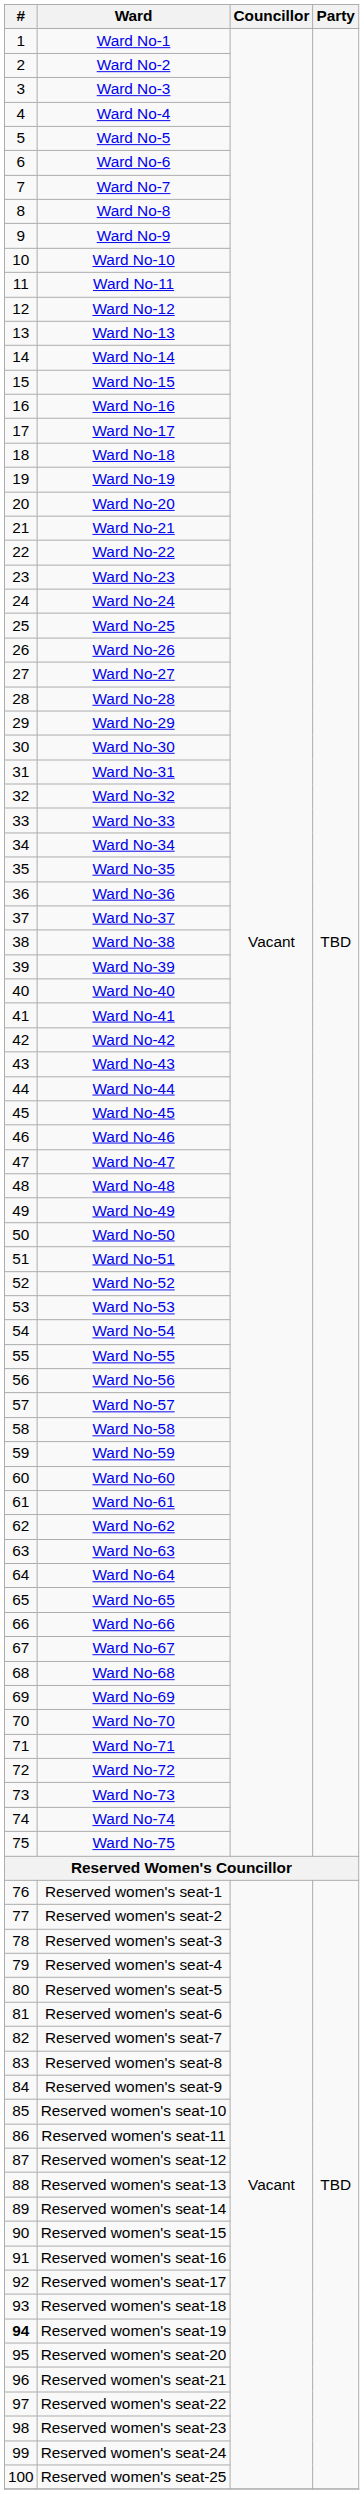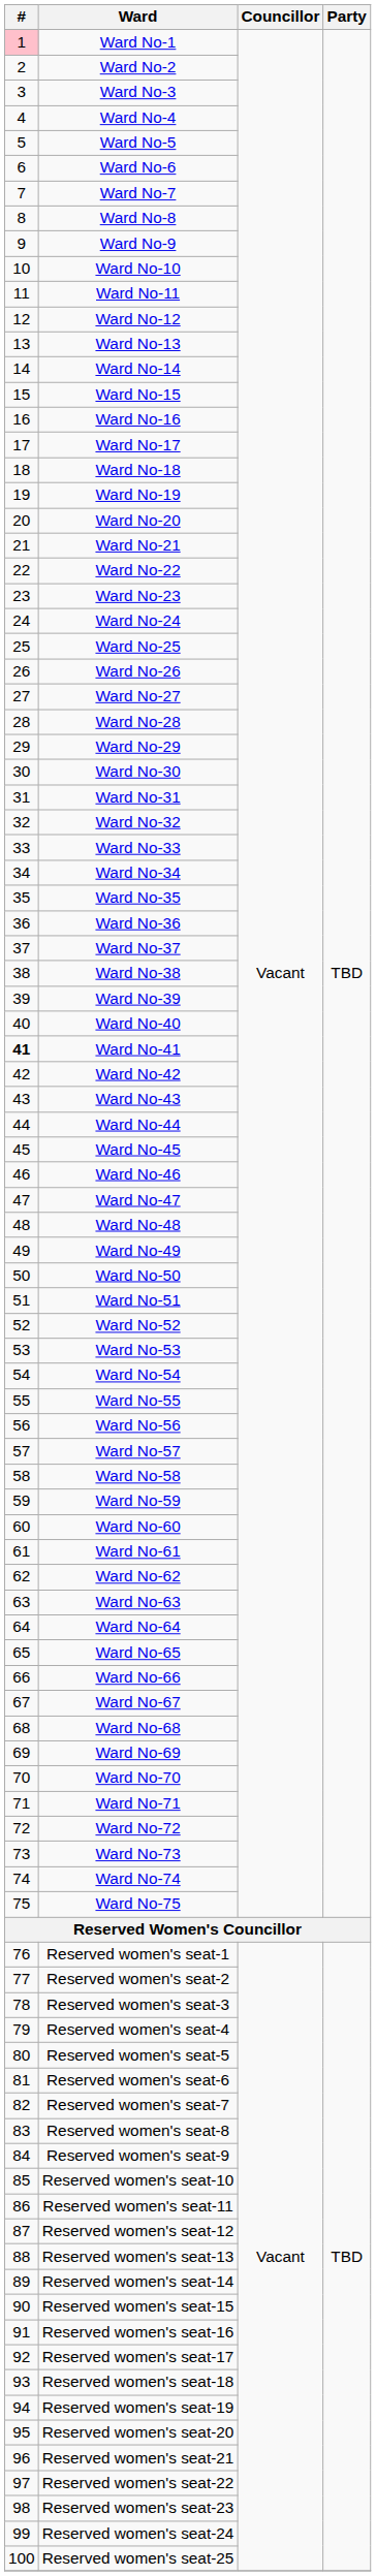 <table class="wikitable sortable" style="text-align:center;">
 <tr>
 <th>#</th>
 <th>Ward</th>
 <th>Councillor</th>
 <th colspan="2">Party</th>
 </tr>
 <tr>
-<td>1</td>
+<td style="background: pink;">1</td>
 <td><a href='#'>Ward No-1</a></td>
 <td rowspan="75">Vacant</td>
 <td colspan="2" rowspan="75" bgcolor="">TBD</td>
 </tr>
 <tr>
 <td>2</td>
 <td><a href='#'>Ward No-2</a></td>
 </tr>
 <tr>
 <td>3</td>
 <td><a href='#'>Ward No-3</a></td>
 </tr>
 <tr>
 <td>4</td>
 <td><a href='#'>Ward No-4</a></td>
 </tr>
 <tr>
 <td>5</td>
 <td><a href='#'>Ward No-5</a></td>
 </tr>
 <tr>
 <td>6</td>
 <td><a href='#'>Ward No-6</a></td>
 </tr>
 <tr>
 <td>7</td>
 <td><a href='#'>Ward No-7</a></td>
 </tr>
 <tr>
 <td>8</td>
 <td><a href='#'>Ward No-8</a></td>
 </tr>
 <tr>
 <td>9</td>
 <td><a href='#'>Ward No-9</a></td>
 </tr>
 <tr>
 <td>10</td>
 <td><a href='#'>Ward No-10</a></td>
 </tr>
 <tr>
 <td>11</td>
 <td><a href='#'>Ward No-11</a></td>
 </tr>
 <tr>
 <td>12</td>
 <td><a href='#'>Ward No-12</a></td>
 </tr>
 <tr>
 <td>13</td>
 <td><a href='#'>Ward No-13</a></td>
 </tr>
 <tr>
 <td>14</td>
 <td><a href='#'>Ward No-14</a></td>
 </tr>
 <tr>
 <td>15</td>
 <td><a href='#'>Ward No-15</a></td>
 </tr>
 <tr>
 <td>16</td>
 <td><a href='#'>Ward No-16</a></td>
 </tr>
 <tr>
 <td>17</td>
 <td><a href='#'>Ward No-17</a></td>
 </tr>
 <tr>
 <td>18</td>
 <td><a href='#'>Ward No-18</a></td>
 </tr>
 <tr>
 <td>19</td>
 <td><a href='#'>Ward No-19</a></td>
 </tr>
 <tr>
 <td>20</td>
 <td><a href='#'>Ward No-20</a></td>
 </tr>
 <tr>
 <td>21</td>
 <td><a href='#'>Ward No-21</a></td>
 </tr>
 <tr>
 <td>22</td>
 <td><a href='#'>Ward No-22</a></td>
 </tr>
 <tr>
 <td>23</td>
 <td><a href='#'>Ward No-23</a></td>
 </tr>
 <tr>
 <td>24</td>
 <td><a href='#'>Ward No-24</a></td>
 </tr>
 <tr>
 <td>25</td>
 <td><a href='#'>Ward No-25</a></td>
 </tr>
 <tr>
 <td>26</td>
 <td><a href='#'>Ward No-26</a></td>
 </tr>
 <tr>
 <td>27</td>
 <td><a href='#'>Ward No-27</a></td>
 </tr>
 <tr>
 <td>28</td>
 <td><a href='#'>Ward No-28</a></td>
 </tr>
 <tr>
 <td>29</td>
 <td><a href='#'>Ward No-29</a></td>
 </tr>
 <tr>
 <td>30</td>
 <td><a href='#'>Ward No-30</a></td>
 </tr>
 <tr>
 <td>31</td>
 <td><a href='#'>Ward No-31</a></td>
 </tr>
 <tr>
 <td>32</td>
 <td><a href='#'>Ward No-32</a></td>
 </tr>
 <tr>
 <td>33</td>
 <td><a href='#'>Ward No-33</a></td>
 </tr>
 <tr>
 <td>34</td>
 <td><a href='#'>Ward No-34</a></td>
 </tr>
 <tr>
 <td>35</td>
 <td><a href='#'>Ward No-35</a></td>
 </tr>
 <tr>
 <td>36</td>
 <td><a href='#'>Ward No-36</a></td>
 </tr>
 <tr>
 <td>37</td>
 <td><a href='#'>Ward No-37</a></td>
 </tr>
 <tr>
 <td>38</td>
 <td><a href='#'>Ward No-38</a></td>
 </tr>
 <tr>
 <td>39</td>
 <td><a href='#'>Ward No-39</a></td>
 </tr>
 <tr>
 <td>40</td>
 <td><a href='#'>Ward No-40</a></td>
 </tr>
 <tr>
-<td>41</td>
+<td><strong>41</strong></td>
 <td><a href='#'>Ward No-41</a></td>
 </tr>
 <tr>
 <td>42</td>
 <td><a href='#'>Ward No-42</a></td>
 </tr>
 <tr>
 <td>43</td>
 <td><a href='#'>Ward No-43</a></td>
 </tr>
 <tr>
 <td>44</td>
 <td><a href='#'>Ward No-44</a></td>
 </tr>
 <tr>
 <td>45</td>
 <td><a href='#'>Ward No-45</a></td>
 </tr>
 <tr>
 <td>46</td>
 <td><a href='#'>Ward No-46</a></td>
 </tr>
 <tr>
 <td>47</td>
 <td><a href='#'>Ward No-47</a></td>
 </tr>
 <tr>
 <td>48</td>
 <td><a href='#'>Ward No-48</a></td>
 </tr>
 <tr>
 <td>49</td>
 <td><a href='#'>Ward No-49</a></td>
 </tr>
 <tr>
 <td>50</td>
 <td><a href='#'>Ward No-50</a></td>
 </tr>
 <tr>
 <td>51</td>
 <td><a href='#'>Ward No-51</a></td>
 </tr>
 <tr>
 <td>52</td>
 <td><a href='#'>Ward No-52</a></td>
 </tr>
 <tr>
 <td>53</td>
 <td><a href='#'>Ward No-53</a></td>
 </tr>
 <tr>
 <td>54</td>
 <td><a href='#'>Ward No-54</a></td>
 </tr>
 <tr>
 <td>55</td>
 <td><a href='#'>Ward No-55</a></td>
 </tr>
 <tr>
 <td>56</td>
 <td><a href='#'>Ward No-56</a></td>
 </tr>
 <tr>
 <td>57</td>
 <td><a href='#'>Ward No-57</a></td>
 </tr>
 <tr>
 <td>58</td>
 <td><a href='#'>Ward No-58</a></td>
 </tr>
 <tr>
 <td>59</td>
 <td><a href='#'>Ward No-59</a></td>
 </tr>
 <tr>
 <td>60</td>
 <td><a href='#'>Ward No-60</a></td>
 </tr>
 <tr>
 <td>61</td>
 <td><a href='#'>Ward No-61</a></td>
 </tr>
 <tr>
 <td>62</td>
 <td><a href='#'>Ward No-62</a></td>
 </tr>
 <tr>
 <td>63</td>
 <td><a href='#'>Ward No-63</a></td>
 </tr>
 <tr>
 <td>64</td>
 <td><a href='#'>Ward No-64</a></td>
 </tr>
 <tr>
 <td>65</td>
 <td><a href='#'>Ward No-65</a></td>
 </tr>
 <tr>
 <td>66</td>
 <td><a href='#'>Ward No-66</a></td>
 </tr>
 <tr>
 <td>67</td>
 <td><a href='#'>Ward No-67</a></td>
 </tr>
 <tr>
 <td>68</td>
 <td><a href='#'>Ward No-68</a></td>
 </tr>
 <tr>
 <td>69</td>
 <td><a href='#'>Ward No-69</a></td>
 </tr>
 <tr>
 <td>70</td>
 <td><a href='#'>Ward No-70</a></td>
 </tr>
 <tr>
 <td>71</td>
 <td><a href='#'>Ward No-71</a></td>
 </tr>
 <tr>
 <td>72</td>
 <td><a href='#'>Ward No-72</a></td>
 </tr>
 <tr>
 <td>73</td>
 <td><a href='#'>Ward No-73</a></td>
 </tr>
 <tr>
 <td>74</td>
 <td><a href='#'>Ward No-74</a></td>
 </tr>
 <tr>
 <td>75</td>
 <td><a href='#'>Ward No-75</a></td>
 </tr>
 <tr>
 <th colspan="5"><strong>Reserved Women's Councillor</strong></th>
 </tr>
 <tr>
 <td>76</td>
 <td>Reserved women's seat-1</td>
 <td rowspan="25">Vacant</td>
 <td colspan="2" rowspan="25" bgcolor="">TBD</td>
 </tr>
 <tr>
 <td>77</td>
 <td>Reserved women's seat-2</td>
 </tr>
 <tr>
 <td>78</td>
 <td>Reserved women's seat-3</td>
 </tr>
 <tr>
 <td>79</td>
 <td>Reserved women's seat-4</td>
 </tr>
 <tr>
 <td>80</td>
 <td>Reserved women's seat-5</td>
 </tr>
 <tr>
 <td>81</td>
 <td>Reserved women's seat-6</td>
 </tr>
 <tr>
 <td>82</td>
 <td>Reserved women's seat-7</td>
 </tr>
 <tr>
 <td>83</td>
 <td>Reserved women's seat-8</td>
 </tr>
 <tr>
 <td>84</td>
 <td>Reserved women's seat-9</td>
 </tr>
 <tr>
 <td>85</td>
 <td>Reserved women's seat-10</td>
 </tr>
 <tr>
 <td>86</td>
 <td>Reserved women's seat-11</td>
 </tr>
 <tr>
 <td>87</td>
 <td>Reserved women's seat-12</td>
 </tr>
 <tr>
 <td>88</td>
 <td>Reserved women's seat-13</td>
 </tr>
 <tr>
 <td>89</td>
 <td>Reserved women's seat-14</td>
 </tr>
 <tr>
 <td>90</td>
 <td>Reserved women's seat-15</td>
 </tr>
 <tr>
 <td>91</td>
 <td>Reserved women's seat-16</td>
 </tr>
 <tr>
 <td>92</td>
 <td>Reserved women's seat-17</td>
 </tr>
 <tr>
 <td>93</td>
 <td>Reserved women's seat-18</td>
 </tr>
 <tr>
-<td><strong>94</strong></td>
+<td>94</td>
 <td>Reserved women's seat-19</td>
 </tr>
 <tr>
 <td>95</td>
 <td>Reserved women's seat-20</td>
 </tr>
 <tr>
 <td>96</td>
 <td>Reserved women's seat-21</td>
 </tr>
 <tr>
 <td>97</td>
 <td>Reserved women's seat-22</td>
 </tr>
 <tr>
 <td>98</td>
 <td>Reserved women's seat-23</td>
 </tr>
 <tr>
 <td>99</td>
 <td>Reserved women's seat-24</td>
 </tr>
 <tr>
 <td>100</td>
 <td>Reserved women's seat-25</td>
 </tr>
 <tr>
 </tr>
 </table>
